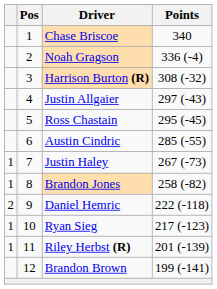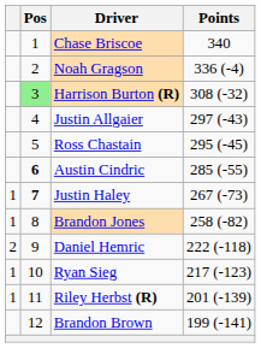 <table class="wikitable" style="font-size: 95%;">
 <tr>
 <th></th>
 <th>Pos</th>
 <th>Driver</th>
 <th>Points</th>
 </tr>
 <tr>
 <td align="left"></td>
 <td style="text-align:center;">1</td>
 <td style="background:#FFDEAD;"><a href='#'>Chase Briscoe</a></td>
 <td style="text-align:center;">340</td>
 </tr>
 <tr>
 <td align="left"></td>
 <td style="text-align:center;">2</td>
 <td style="background:#FFDEAD;"><a href='#'>Noah Gragson</a></td>
 <td style="text-align:center;">336 (-4)</td>
 </tr>
 <tr>
 <td align="left"></td>
-<td style="text-align:center;">3</td>
+<td style="background: lightgreen; text-align:center;">3</td>
 <td style="background:#FFDEAD;"><a href='#'>Harrison Burton</a> <strong>(R)</strong></td>
 <td style="text-align:center;">308 (-32)</td>
 </tr>
 <tr>
 <td align="left"></td>
 <td style="text-align:center;">4</td>
 <td><a href='#'>Justin Allgaier</a></td>
 <td style="text-align:center;">297 (-43)</td>
 </tr>
 <tr>
 <td align="left"></td>
 <td style="text-align:center;">5</td>
 <td><a href='#'>Ross Chastain</a></td>
 <td style="text-align:center;">295 (-45)</td>
 </tr>
 <tr>
 <td align="left"></td>
-<td style="text-align:center;">6</td>
+<td style="text-align:center;"><strong>6</strong></td>
 <td><a href='#'>Austin Cindric</a></td>
 <td style="text-align:center;">285 (-55)</td>
 </tr>
 <tr>
 <td align="left"> 1</td>
-<td style="text-align:center;">7</td>
+<td style="text-align:center;"><strong>7</strong></td>
 <td><a href='#'>Justin Haley</a></td>
 <td style="text-align:center;">267 (-73)</td>
 </tr>
 <tr>
 <td align="left"> 1</td>
 <td style="text-align:center;">8</td>
 <td style="background:#FFDEAD;"><a href='#'>Brandon Jones</a></td>
 <td style="text-align:center;">258 (-82)</td>
 </tr>
 <tr>
 <td align="left"> 2</td>
 <td style="text-align:center;">9</td>
 <td><a href='#'>Daniel Hemric</a></td>
 <td style="text-align:center;">222 (-118)</td>
 </tr>
 <tr>
 <td align="left"> 1</td>
 <td style="text-align:center;">10</td>
 <td><a href='#'>Ryan Sieg</a></td>
 <td style="text-align:center;">217 (-123)</td>
 </tr>
 <tr>
 <td align="left"> 1</td>
 <td style="text-align:center;">11</td>
 <td><a href='#'>Riley Herbst</a> <strong>(R)</strong></td>
 <td style="text-align:center;">201 (-139)</td>
 </tr>
 <tr>
 <td align="left"></td>
 <td style="text-align:center;">12</td>
 <td><a href='#'>Brandon Brown</a></td>
 <td style="text-align:center;">199 (-141)</td>
 </tr>
 <tr class="sortbottom">
 <th colspan="4"></th>
 </tr>
 </table>
